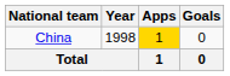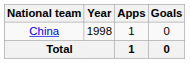 <table class="wikitable" style="text-align:center">
 <tr>
 <th>National team</th>
 <th>Year</th>
 <th>Apps</th>
 <th>Goals</th>
 </tr>
 <tr>
 <td rowspan="1"><a href='#'>China</a></td>
 <td>1998</td>
-<td style="background: gold;">1</td>
+<td>1</td>
 <td>0</td>
 </tr>
 <tr>
 <th colspan=2>Total</th>
 <th>1</th>
 <th>0</th>
 </tr>
 </table>
